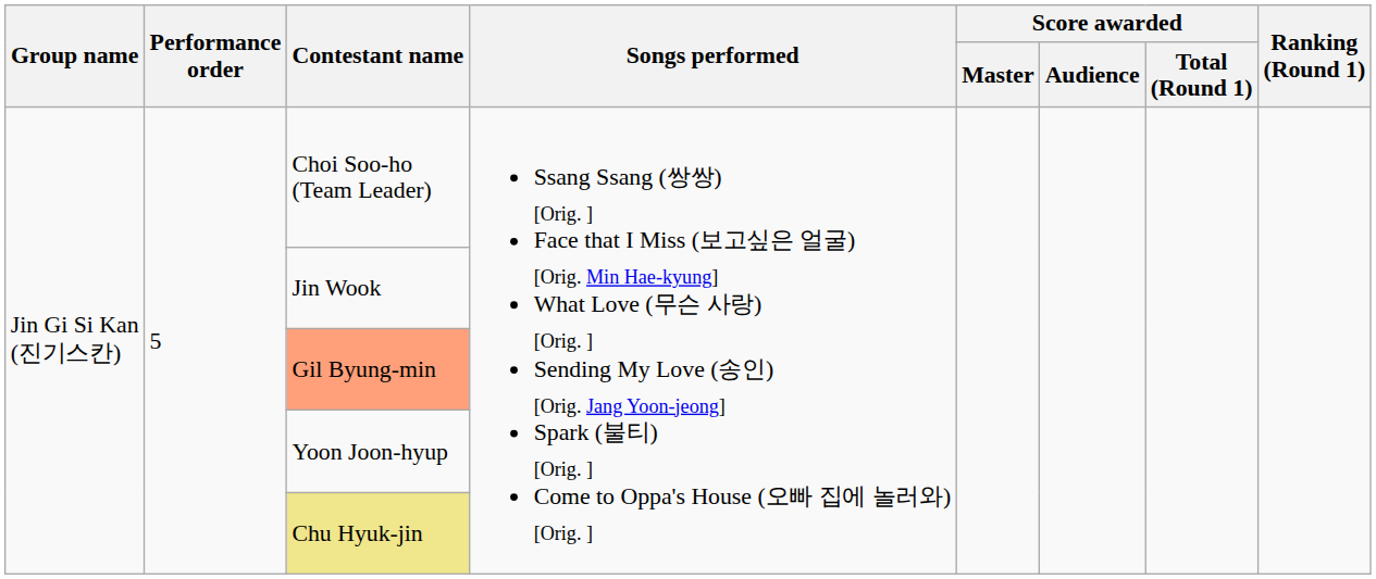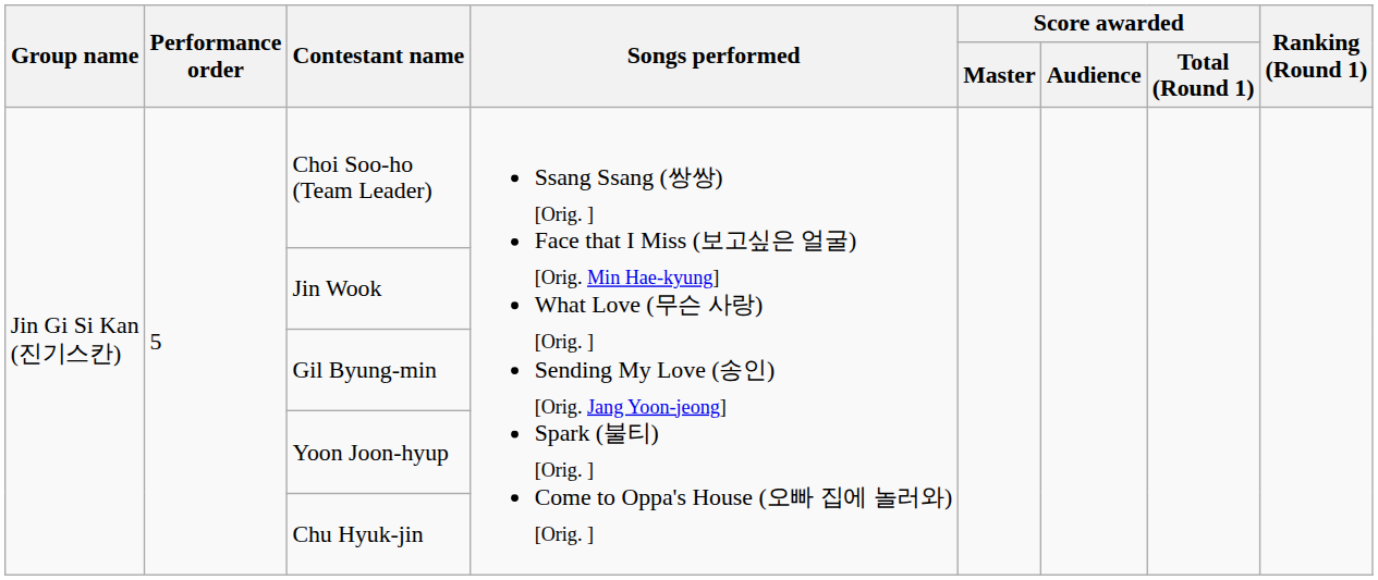 <table class="wikitable">
 <tr>
 <th rowspan=2>Group name</th>
 <th rowspan=2>Performance<br>order</th>
 <th rowspan=2>Contestant name</th>
 <th rowspan=2>Songs performed</th>
 <th colspan=3>Score awarded</th>
 <th rowspan=2>Ranking<br>(Round 1)</th>
 </tr>
 <tr>
 <th>Master</th>
 <th>Audience</th>
 <th>Total<br>(Round 1)</th>
 </tr>
 <tr>
 <td rowspan=5>Jin Gi Si Kan<br>(진기스칸)</td>
 <td rowspan=5>5</td>
 <td>Choi Soo-ho<br>(Team Leader)</td>
 <td rowspan=5><br><ul><li>Ssang Ssang (쌍쌍)<br><sub>[Orig. ]</sub></li><li>Face that I Miss (보고싶은 얼굴)<br><sub>[Orig. <a href='#'>Min Hae-kyung</a>]</sub></li><li>What Love (무슨 사랑)<br><sub>[Orig. ]</sub></li><li>Sending My Love (송인)<br><sub>[Orig. <a href='#'>Jang Yoon-jeong</a>]</sub></li><li>Spark (불티)<br><sub>[Orig. ]</sub></li><li>Come to Oppa's House (오빠 집에 놀러와)<br><sub>[Orig. ]</sub></li></ul></td>
 <td rowspan=5></td>
 <td rowspan=5></td>
 <td rowspan=5></td>
 <td rowspan=5></td>
 </tr>
 <tr>
 <td>Jin Wook</td>
 </tr>
 <tr>
-<td style="background: lightsalmon;">Gil Byung-min</td>
+<td>Gil Byung-min</td>
 </tr>
 <tr>
 <td>Yoon Joon-hyup</td>
 </tr>
 <tr>
-<td style="background: khaki;">Chu Hyuk-jin</td>
+<td>Chu Hyuk-jin</td>
 </tr>
 </table>
